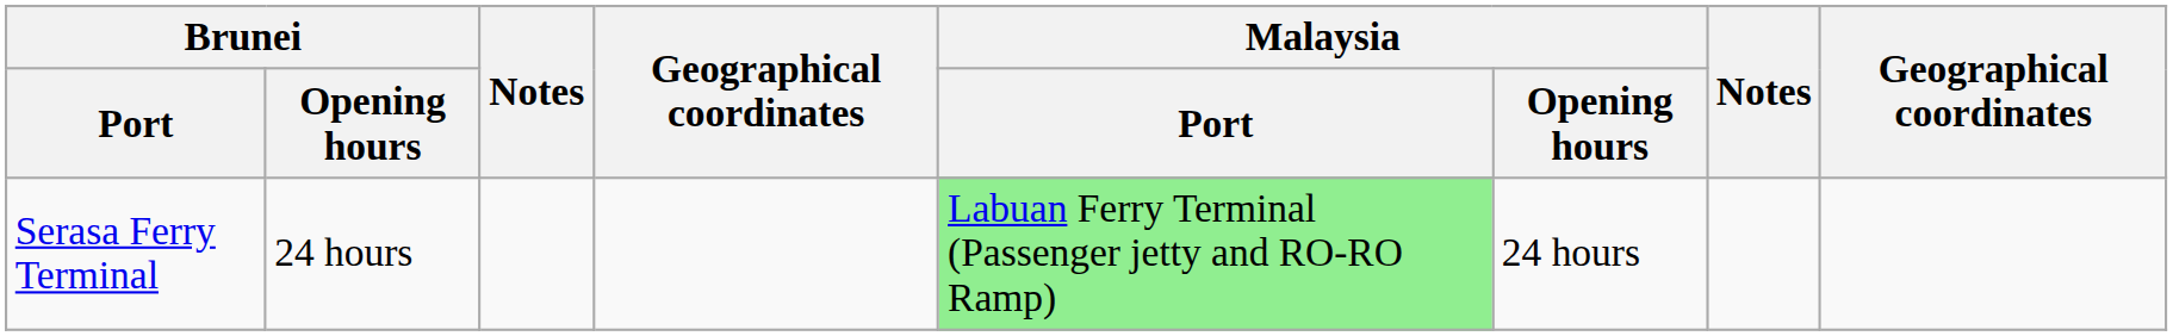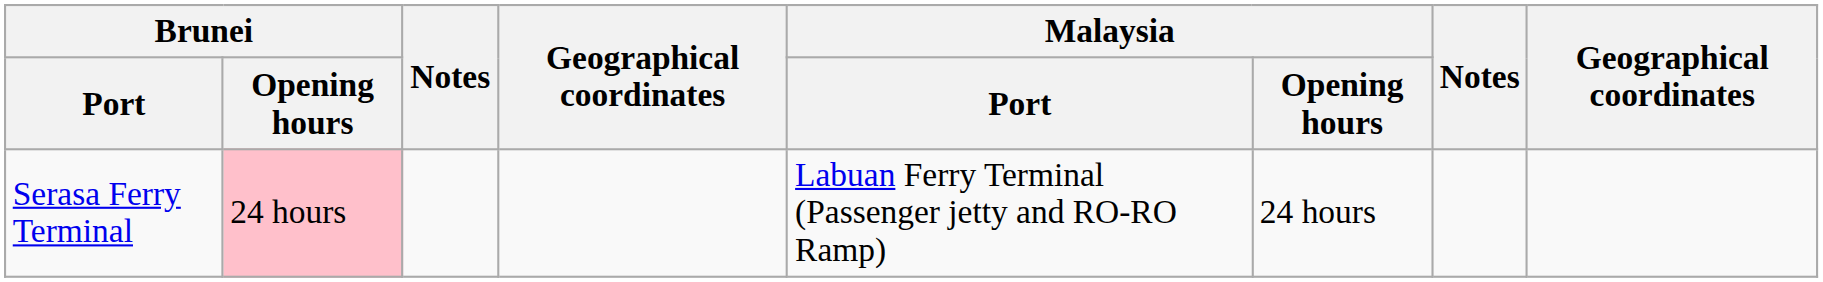 <table class="wikitable">
 <tr>
 <th colspan="2">Brunei</th>
 <th rowspan="2">Notes</th>
 <th rowspan="2">Geographical coordinates</th>
 <th colspan="2">Malaysia</th>
 <th rowspan="2">Notes</th>
 <th rowspan="2">Geographical coordinates</th>
 </tr>
 <tr>
 <th>Port</th>
 <th>Opening hours</th>
 <th>Port</th>
 <th>Opening hours</th>
 </tr>
 <tr>
 <td><a href='#'>Serasa Ferry Terminal</a></td>
-<td>24 hours</td>
+<td style="background: pink;">24 hours</td>
 <td></td>
 <td></td>
-<td style="background: lightgreen;"><a href='#'>Labuan</a> Ferry Terminal (Passenger jetty and RO-RO Ramp)</td>
+<td><a href='#'>Labuan</a> Ferry Terminal (Passenger jetty and RO-RO Ramp)</td>
 <td>24 hours</td>
 <td></td>
 <td></td>
 </tr>
 </table>
